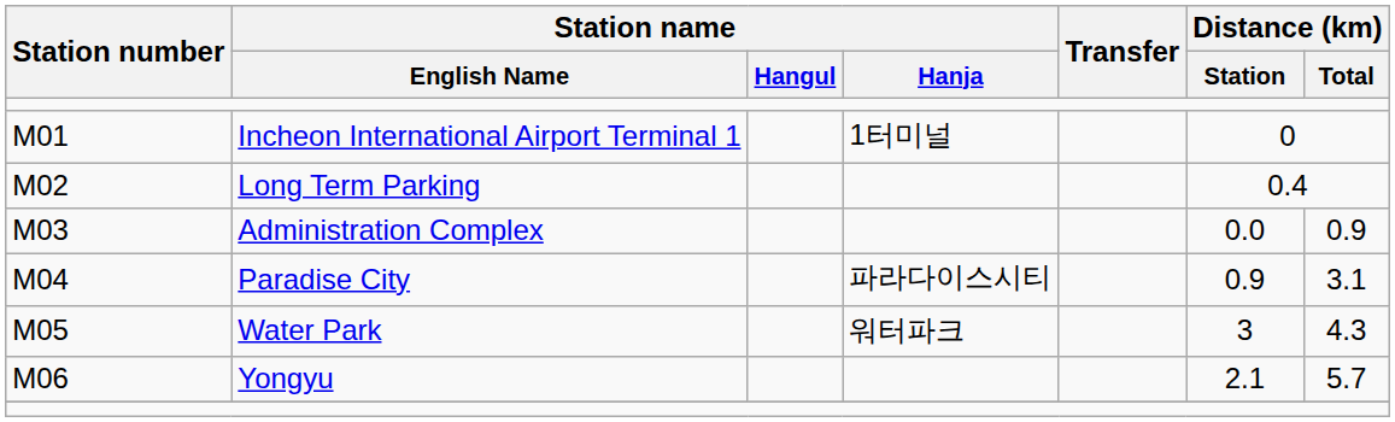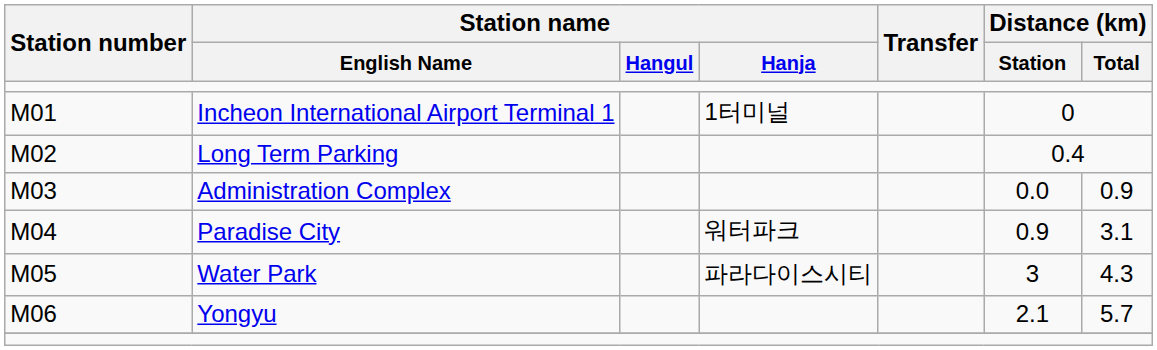 <table class="wikitable">
 <tr>
 <th rowspan="2">Station number</th>
 <th colspan="3">Station name</th>
 <th rowspan="2">Transfer</th>
 <th colspan="2">Distance (km)</th>
 </tr>
 <tr>
 <th><small>English Name</small></th>
 <th><small><a href='#'>Hangul</a></small></th>
 <th><small><a href='#'>Hanja</a></small></th>
 <th><small>Station</small></th>
 <th><small>Total</small></th>
 </tr>
 <tr style="background:#">
 <td colspan="12"></td>
 </tr>
 <tr>
 <td>M01</td>
 <td><a href='#'>Incheon International Airport Terminal 1</a></td>
 <td></td>
 <td>1터미널</td>
 <td></td>
 <td colspan="2" style="text-align: center;">0</td>
 </tr>
 <tr>
 <td>M02</td>
 <td><a href='#'>Long Term Parking</a></td>
 <td></td>
 <td></td>
 <td></td>
 <td colspan="2" style="text-align: center;">0.4</td>
 </tr>
 <tr>
 <td>M03</td>
 <td><a href='#'>Administration Complex</a></td>
 <td></td>
 <td></td>
 <td></td>
 <td style="text-align: center;">0.0</td>
 <td style="text-align: center;">0.9</td>
 </tr>
 <tr>
 <td>M04</td>
 <td><a href='#'>Paradise City</a></td>
 <td></td>
-<td>파라다이스시티</td>
+<td>워터파크</td>
 <td></td>
 <td style="text-align: center;">0.9</td>
 <td style="text-align: center;">3.1</td>
 </tr>
 <tr>
 <td>M05</td>
 <td><a href='#'>Water Park</a></td>
 <td></td>
-<td>워터파크</td>
+<td>파라다이스시티</td>
 <td></td>
 <td style="text-align: center;">3</td>
 <td style="text-align: center;">4.3</td>
 </tr>
 <tr>
 <td>M06</td>
 <td><a href='#'>Yongyu</a></td>
 <td></td>
 <td></td>
 <td></td>
 <td style="text-align: center;">2.1</td>
 <td style="text-align: center;">5.7</td>
 </tr>
 <tr>
 </tr>
 <tr style="background:#">
 <td colspan="12"></td>
 </tr>
 </table>
